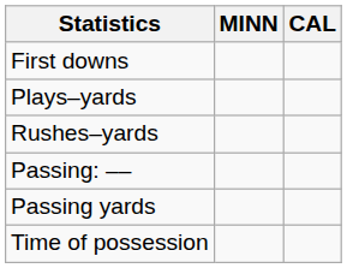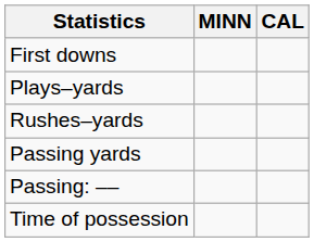 <table class="wikitable" style="float:left">
 <tr>
 <th>Statistics</th>
 <th>MINN</th>
 <th>CAL</th>
 </tr>
 <tr>
 <td>First downs</td>
 <td></td>
 <td></td>
 </tr>
 <tr>
 <td>Plays–yards</td>
 <td></td>
 <td></td>
 </tr>
 <tr>
 <td>Rushes–yards</td>
 <td></td>
 <td></td>
 </tr>
 <tr>
-<td>Passing: ––</td>
+<td>Passing yards</td>
 <td></td>
 <td></td>
 </tr>
 <tr>
-<td>Passing yards</td>
+<td>Passing: ––</td>
 <td></td>
 <td></td>
 </tr>
 <tr>
 <td>Time of possession</td>
 <td></td>
 <td></td>
 </tr>
 </table>
